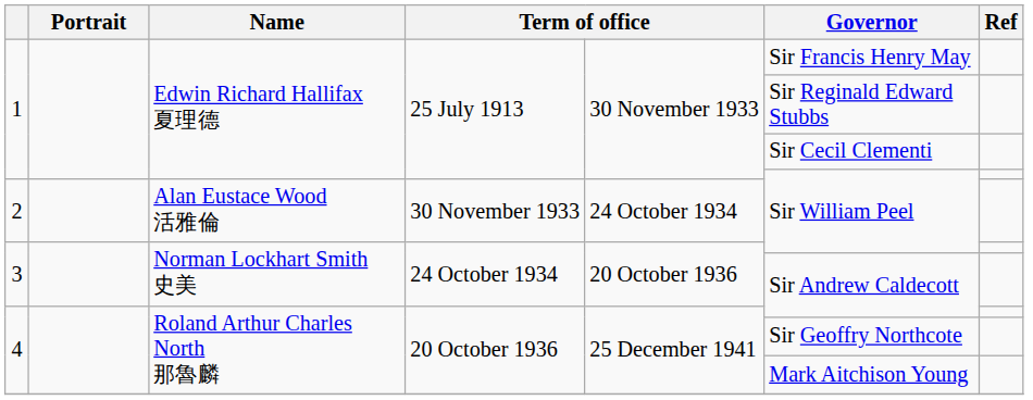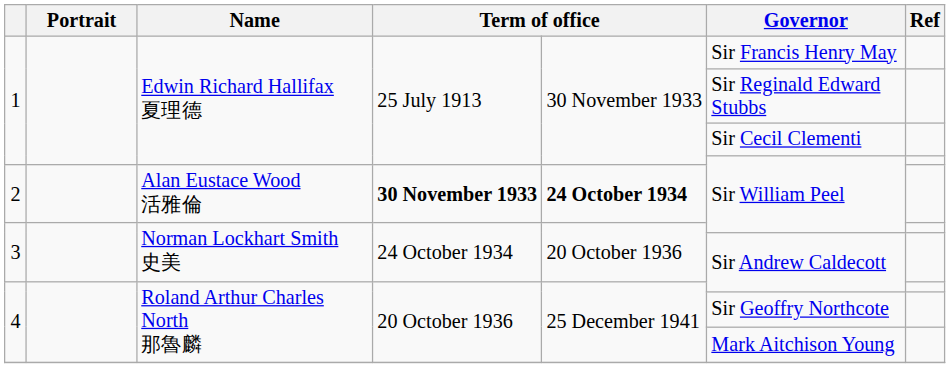 <table class="wikitable"  style="text-align:left">
 <tr>
 <th width=10px></th>
 <th width=80px>Portrait</th>
 <th width=180px>Name</th>
 <th width=180px colspan=2>Term of office</th>
 <th width=150px><a href='#'>Governor</a></th>
 <th>Ref</th>
 </tr>
 <tr>
 <td rowspan=4 align=center>1</td>
 <td rowspan=4></td>
 <td rowspan=4><a href='#'>Edwin Richard Hallifax</a><br>夏理德</td>
 <td rowspan=4>25 July 1913</td>
 <td rowspan=4>30 November 1933</td>
 <td>Sir <a href='#'>Francis Henry May</a><br></td>
 <td></td>
 </tr>
 <tr>
 <td>Sir <a href='#'>Reginald Edward Stubbs</a><br></td>
 <td></td>
 </tr>
 <tr>
 <td>Sir <a href='#'>Cecil Clementi</a><br></td>
 <td></td>
 </tr>
 <tr>
 <td rowspan=3>Sir <a href='#'>William Peel</a><br></td>
 <td></td>
 </tr>
 <tr>
 <td align=center>2</td>
 <td></td>
 <td><a href='#'>Alan Eustace Wood</a><br>活雅倫</td>
-<td>30 November 1933</td>
-<td>24 October 1934</td>
+<td><strong>30 November 1933</strong></td>
+<td><strong>24 October 1934</strong></td>
 <td></td>
 </tr>
 <tr>
 <td rowspan=2 align=center>3</td>
 <td rowspan=2></td>
 <td rowspan=2><a href='#'>Norman Lockhart Smith</a><br>史美</td>
 <td rowspan=2>24 October 1934</td>
 <td rowspan=2>20 October 1936</td>
 <td></td>
 </tr>
 <tr>
 <td rowspan=2>Sir <a href='#'>Andrew Caldecott</a><br></td>
 <td></td>
 </tr>
 <tr>
 <td rowspan=3 align=center>4</td>
 <td rowspan=3></td>
 <td rowspan=3><a href='#'>Roland Arthur Charles North</a><br>那魯麟</td>
 <td rowspan=3>20 October 1936</td>
 <td rowspan=3>25 December 1941</td>
 <td></td>
 </tr>
 <tr>
 <td>Sir <a href='#'>Geoffry Northcote</a><br></td>
 <td></td>
 </tr>
 <tr>
 <td><a href='#'>Mark Aitchison Young</a><br></td>
 <td></td>
 </tr>
 <tr>
 </tr>
 </table>
